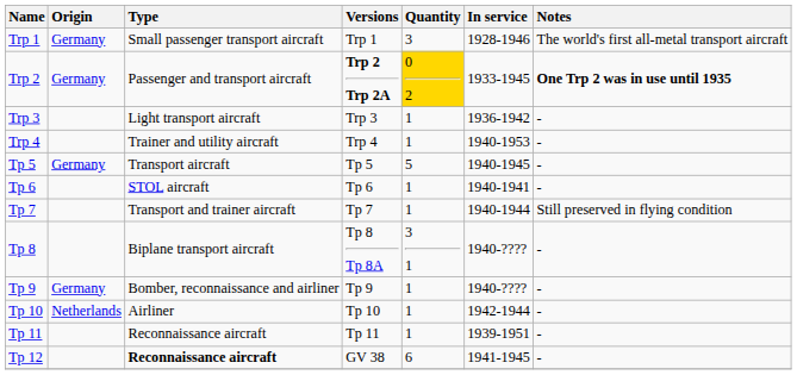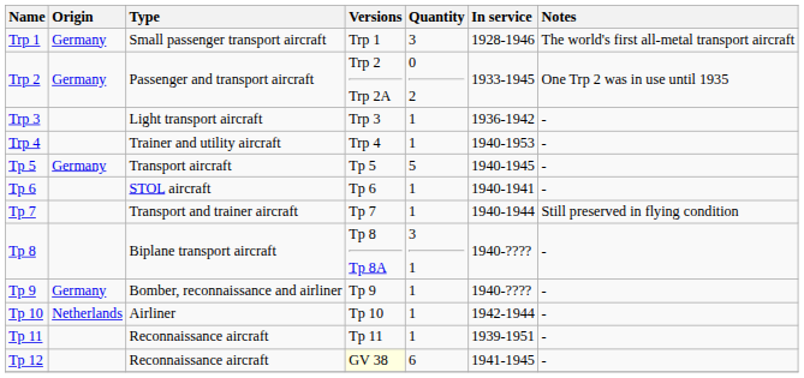 <table class="wikitable">
 <tr>
 <th style="text-align:left">Name</th>
 <th style="text-align:left">Origin</th>
 <th style="text-align:left">Type</th>
 <th style="text-align:left">Versions</th>
 <th style="text-align:left">Quantity</th>
 <th style="text-align:left">In service</th>
 <th style="text-align:left">Notes</th>
 </tr>
 <tr>
 <td><a href='#'>Trp 1</a></td>
 <td> <a href='#'>Germany</a></td>
 <td>Small passenger transport aircraft</td>
 <td>Trp 1</td>
 <td>3</td>
 <td>1928-1946</td>
 <td>The world's first all-metal transport aircraft</td>
 </tr>
 <tr>
 <td><a href='#'>Trp 2</a></td>
 <td> <a href='#'>Germany</a></td>
 <td>Passenger and transport aircraft</td>
-<td><strong>Trp 2<hr>Trp 2A</strong></td>
-<td style="background: gold;">0<hr>2</td>
+<td>Trp 2<hr>Trp 2A</td>
+<td>0<hr>2</td>
 <td>1933-1945</td>
-<td><strong>One Trp 2 was in use until 1935</strong></td>
+<td>One Trp 2 was in use until 1935</td>
 </tr>
 <tr>
 <td><a href='#'>Trp 3</a></td>
 <td></td>
 <td>Light transport aircraft</td>
 <td>Trp 3</td>
 <td>1</td>
 <td>1936-1942</td>
 <td>-</td>
 </tr>
 <tr>
 <td><a href='#'>Trp 4</a></td>
 <td></td>
 <td>Trainer and utility aircraft</td>
 <td>Trp 4</td>
 <td>1</td>
 <td>1940-1953</td>
 <td>-</td>
 </tr>
 <tr>
 <td><a href='#'>Tp 5</a></td>
 <td> <a href='#'>Germany</a></td>
 <td>Transport aircraft</td>
 <td>Tp 5</td>
 <td>5</td>
 <td>1940-1945</td>
 <td>-</td>
 </tr>
 <tr>
 <td><a href='#'>Tp 6</a></td>
 <td></td>
 <td><a href='#'>STOL</a> aircraft</td>
 <td>Tp 6</td>
 <td>1</td>
 <td>1940-1941</td>
 <td>-</td>
 </tr>
 <tr>
 <td><a href='#'>Tp 7</a></td>
 <td></td>
 <td>Transport and trainer aircraft</td>
 <td>Tp 7</td>
 <td>1</td>
 <td>1940-1944</td>
 <td>Still preserved in flying condition</td>
 </tr>
 <tr>
 <td><a href='#'>Tp 8</a></td>
 <td></td>
 <td>Biplane transport aircraft</td>
 <td>Tp 8<hr><a href='#'>Tp 8A</a></td>
 <td>3<hr>1</td>
 <td>1940-????</td>
 <td>-</td>
 </tr>
 <tr>
 <td><a href='#'>Tp 9</a></td>
 <td> <a href='#'>Germany</a></td>
 <td>Bomber, reconnaissance and airliner</td>
 <td>Tp 9</td>
 <td>1</td>
 <td>1940-????</td>
 <td>-</td>
 </tr>
 <tr>
 <td><a href='#'>Tp 10</a></td>
 <td> <a href='#'>Netherlands</a></td>
 <td>Airliner</td>
 <td>Tp 10</td>
 <td>1</td>
 <td>1942-1944</td>
 <td>-</td>
 </tr>
 <tr>
 <td><a href='#'>Tp 11</a></td>
 <td></td>
 <td>Reconnaissance aircraft</td>
 <td>Tp 11</td>
 <td>1</td>
 <td>1939-1951</td>
 <td>-</td>
 </tr>
 <tr>
 <td><a href='#'>Tp 12</a></td>
 <td></td>
-<td><strong>Reconnaissance aircraft</strong></td>
-<td>GV 38</td>
+<td>Reconnaissance aircraft</td>
+<td style="background: lightyellow;">GV 38</td>
 <td>6</td>
 <td>1941-1945</td>
 <td>-</td>
 </tr>
 <tr>
 </tr>
 </table>
